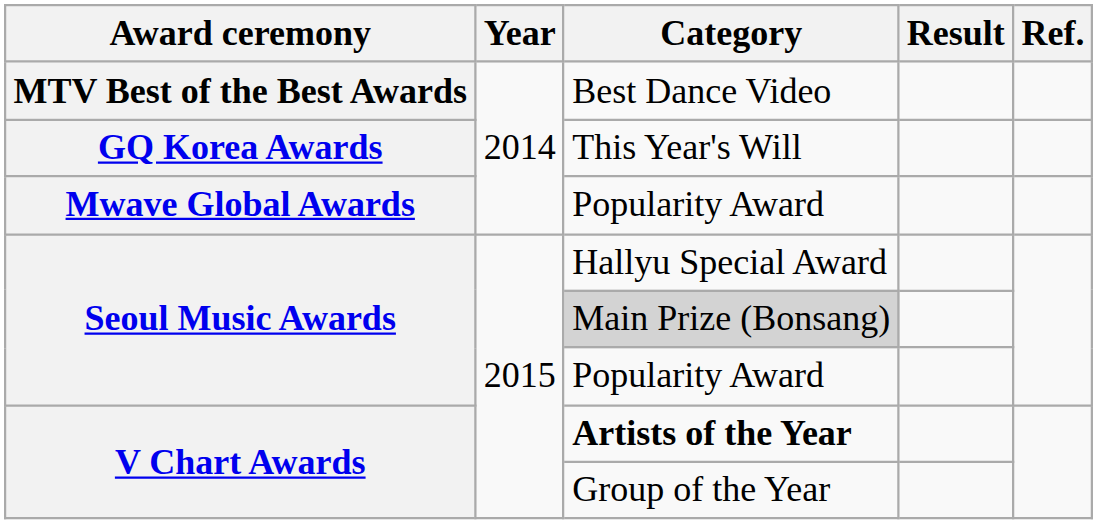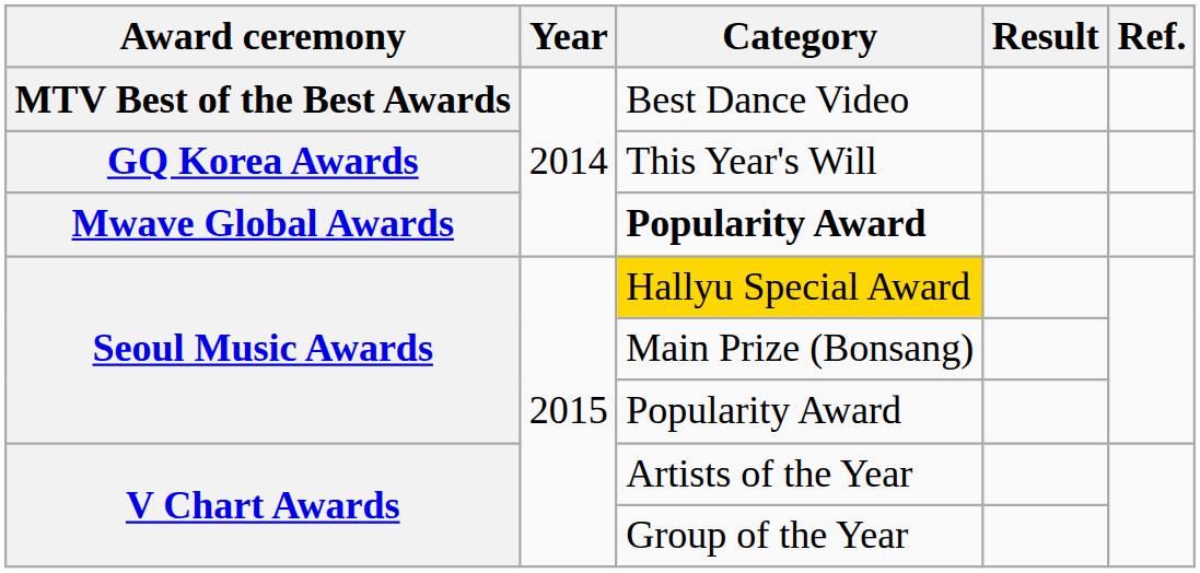 <table class="wikitable plainrowheaders">
 <tr>
 <th>Award ceremony</th>
 <th>Year</th>
 <th>Category</th>
 <th>Result</th>
 <th>Ref.</th>
 </tr>
 <tr>
 <th scope="row">MTV Best of the Best Awards</th>
 <td rowspan="3">2014</td>
 <td>Best Dance Video</td>
 <td></td>
 <td></td>
 </tr>
 <tr>
 <th scope="row"><a href='#'>GQ Korea Awards</a></th>
 <td>This Year's Will</td>
 <td></td>
 <td></td>
 </tr>
 <tr>
 <th scope="row"><a href='#'>Mwave Global Awards</a></th>
-<td>Popularity Award</td>
+<td><strong>Popularity Award</strong></td>
 <td></td>
 <td></td>
 </tr>
 <tr>
 <th rowspan="3" scope="row"><a href='#'>Seoul Music Awards</a></th>
 <td rowspan="5">2015</td>
-<td>Hallyu Special Award</td>
+<td style="background: gold;">Hallyu Special Award</td>
 <td></td>
 <td rowspan="3"></td>
 </tr>
 <tr>
-<td style="background: lightgrey;">Main Prize (Bonsang)</td>
+<td>Main Prize (Bonsang)</td>
 <td></td>
 </tr>
 <tr>
 <td>Popularity Award</td>
 <td></td>
 </tr>
 <tr>
 <th rowspan="2" scope="row"><a href='#'>V Chart Awards</a></th>
-<td><strong>Artists of the Year</strong></td>
+<td>Artists of the Year</td>
 <td></td>
 <td rowspan="2"></td>
 </tr>
 <tr>
 <td>Group of the Year</td>
 <td></td>
 </tr>
 </table>
